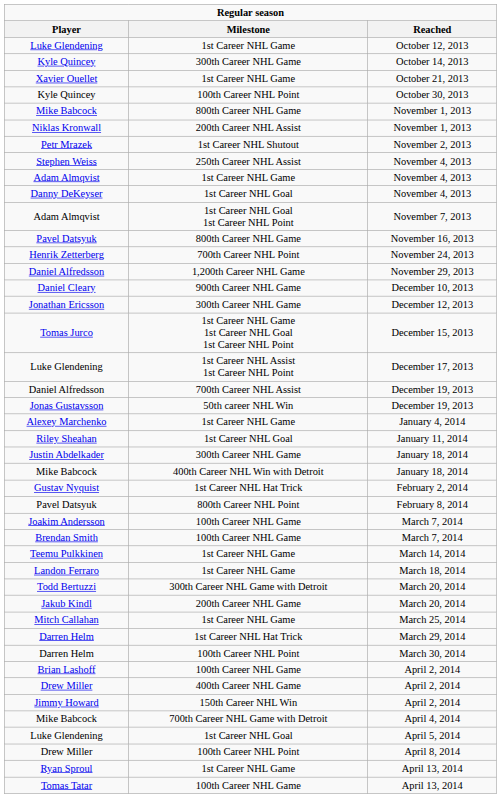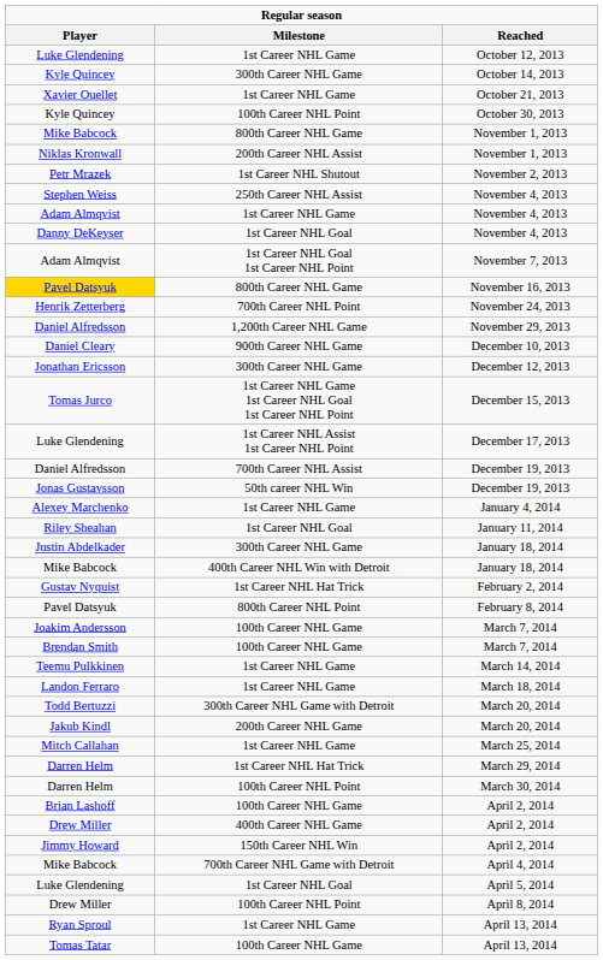 <table class="wikitable" style="width:60%; text-align:center;">
 <tr>
 <td colspan="10" style="text-align:center;"><strong>Regular season</strong></td>
 </tr>
 <tr>
 <th>Player</th>
 <th>Milestone</th>
 <th>Reached</th>
 </tr>
 <tr>
 <td><a href='#'>Luke Glendening</a></td>
 <td>1st Career NHL Game</td>
 <td>October 12, 2013</td>
 </tr>
 <tr>
 <td><a href='#'>Kyle Quincey</a></td>
 <td>300th Career NHL Game</td>
 <td>October 14, 2013</td>
 </tr>
 <tr>
 <td><a href='#'>Xavier Ouellet</a></td>
 <td>1st Career NHL Game</td>
 <td>October 21, 2013</td>
 </tr>
 <tr>
 <td>Kyle Quincey</td>
 <td>100th Career NHL Point</td>
 <td>October 30, 2013</td>
 </tr>
 <tr>
 <td><a href='#'>Mike Babcock</a></td>
 <td>800th Career NHL Game</td>
 <td>November 1, 2013</td>
 </tr>
 <tr>
 <td><a href='#'>Niklas Kronwall</a></td>
 <td>200th Career NHL Assist</td>
 <td>November 1, 2013</td>
 </tr>
 <tr>
 <td><a href='#'>Petr Mrazek</a></td>
 <td>1st Career NHL Shutout</td>
 <td>November 2, 2013</td>
 </tr>
 <tr>
 <td><a href='#'>Stephen Weiss</a></td>
 <td>250th Career NHL Assist</td>
 <td>November 4, 2013</td>
 </tr>
 <tr>
 <td><a href='#'>Adam Almqvist</a></td>
 <td>1st Career NHL Game</td>
 <td>November 4, 2013</td>
 </tr>
 <tr>
 <td><a href='#'>Danny DeKeyser</a></td>
 <td>1st Career NHL Goal</td>
 <td>November 4, 2013</td>
 </tr>
 <tr>
 <td>Adam Almqvist</td>
 <td>1st Career NHL Goal<br>1st Career NHL Point</td>
 <td>November 7, 2013</td>
 </tr>
 <tr>
-<td><a href='#'>Pavel Datsyuk</a></td>
+<td style="background: gold;"><a href='#'>Pavel Datsyuk</a></td>
 <td>800th Career NHL Game</td>
 <td>November 16, 2013</td>
 </tr>
 <tr>
 <td><a href='#'>Henrik Zetterberg</a></td>
 <td>700th Career NHL Point</td>
 <td>November 24, 2013</td>
 </tr>
 <tr>
 <td><a href='#'>Daniel Alfredsson</a></td>
 <td>1,200th Career NHL Game</td>
 <td>November 29, 2013</td>
 </tr>
 <tr>
 <td><a href='#'>Daniel Cleary</a></td>
 <td>900th Career NHL Game</td>
 <td>December 10, 2013</td>
 </tr>
 <tr>
 <td><a href='#'>Jonathan Ericsson</a></td>
 <td>300th Career NHL Game</td>
 <td>December 12, 2013</td>
 </tr>
 <tr>
 <td><a href='#'>Tomas Jurco</a></td>
 <td>1st Career NHL Game<br>1st Career NHL Goal<br>1st Career NHL Point</td>
 <td>December 15, 2013</td>
 </tr>
 <tr>
 <td>Luke Glendening</td>
 <td>1st Career NHL Assist<br>1st Career NHL Point</td>
 <td>December 17, 2013</td>
 </tr>
 <tr>
 <td>Daniel Alfredsson</td>
 <td>700th Career NHL Assist</td>
 <td>December 19, 2013</td>
 </tr>
 <tr>
 <td><a href='#'>Jonas Gustavsson</a></td>
 <td>50th career NHL Win</td>
 <td>December 19, 2013</td>
 </tr>
 <tr>
 <td><a href='#'>Alexey Marchenko</a></td>
 <td>1st Career NHL Game</td>
 <td>January 4, 2014</td>
 </tr>
 <tr>
 <td><a href='#'>Riley Sheahan</a></td>
 <td>1st Career NHL Goal</td>
 <td>January 11, 2014</td>
 </tr>
 <tr>
 <td><a href='#'>Justin Abdelkader</a></td>
 <td>300th Career NHL Game</td>
 <td>January 18, 2014</td>
 </tr>
 <tr>
 <td>Mike Babcock</td>
 <td>400th Career NHL Win with Detroit</td>
 <td>January 18, 2014</td>
 </tr>
 <tr>
 <td><a href='#'>Gustav Nyquist</a></td>
 <td>1st Career NHL Hat Trick</td>
 <td>February 2, 2014</td>
 </tr>
 <tr>
 <td>Pavel Datsyuk</td>
 <td>800th Career NHL Point</td>
 <td>February 8, 2014</td>
 </tr>
 <tr>
 <td><a href='#'>Joakim Andersson</a></td>
 <td>100th Career NHL Game</td>
 <td>March 7, 2014</td>
 </tr>
 <tr>
 <td><a href='#'>Brendan Smith</a></td>
 <td>100th Career NHL Game</td>
 <td>March 7, 2014</td>
 </tr>
 <tr>
 <td><a href='#'>Teemu Pulkkinen</a></td>
 <td>1st Career NHL Game</td>
 <td>March 14, 2014</td>
 </tr>
 <tr>
 <td><a href='#'>Landon Ferraro</a></td>
 <td>1st Career NHL Game</td>
 <td>March 18, 2014</td>
 </tr>
 <tr>
 <td><a href='#'>Todd Bertuzzi</a></td>
 <td>300th Career NHL Game with Detroit</td>
 <td>March 20, 2014</td>
 </tr>
 <tr>
 <td><a href='#'>Jakub Kindl</a></td>
 <td>200th Career NHL Game</td>
 <td>March 20, 2014</td>
 </tr>
 <tr>
 <td><a href='#'>Mitch Callahan</a></td>
 <td>1st Career NHL Game</td>
 <td>March 25, 2014</td>
 </tr>
 <tr>
 <td><a href='#'>Darren Helm</a></td>
 <td>1st Career NHL Hat Trick</td>
 <td>March 29, 2014</td>
 </tr>
 <tr>
 <td>Darren Helm</td>
 <td>100th Career NHL Point</td>
 <td>March 30, 2014</td>
 </tr>
 <tr>
 <td><a href='#'>Brian Lashoff</a></td>
 <td>100th Career NHL Game</td>
 <td>April 2, 2014</td>
 </tr>
 <tr>
 <td><a href='#'>Drew Miller</a></td>
 <td>400th Career NHL Game</td>
 <td>April 2, 2014</td>
 </tr>
 <tr>
 <td><a href='#'>Jimmy Howard</a></td>
 <td>150th Career NHL Win</td>
 <td>April 2, 2014</td>
 </tr>
 <tr>
 <td>Mike Babcock</td>
 <td>700th Career NHL Game with Detroit</td>
 <td>April 4, 2014</td>
 </tr>
 <tr>
 <td>Luke Glendening</td>
 <td>1st Career NHL Goal</td>
 <td>April 5, 2014</td>
 </tr>
 <tr>
 <td>Drew Miller</td>
 <td>100th Career NHL Point</td>
 <td>April 8, 2014</td>
 </tr>
 <tr>
 <td><a href='#'>Ryan Sproul</a></td>
 <td>1st Career NHL Game</td>
 <td>April 13, 2014</td>
 </tr>
 <tr>
 <td><a href='#'>Tomas Tatar</a></td>
 <td>100th Career NHL Game</td>
 <td>April 13, 2014</td>
 </tr>
 </table>
